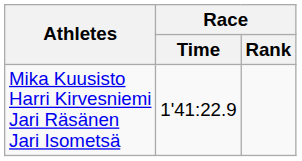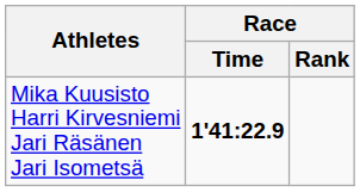 <table class="wikitable" border="1" style="font-size:90%">
 <tr>
 <th rowspan=2>Athletes</th>
 <th colspan=2>Race</th>
 </tr>
 <tr>
 <th>Time</th>
 <th>Rank</th>
 </tr>
 <tr>
 <td><a href='#'>Mika Kuusisto</a><br><a href='#'>Harri Kirvesniemi</a><br><a href='#'>Jari Räsänen</a><br><a href='#'>Jari Isometsä</a></td>
-<td align=center>1'41:22.9</td>
+<td align=center><strong>1'41:22.9</strong></td>
 <td align=center></td>
 </tr>
 </table>
